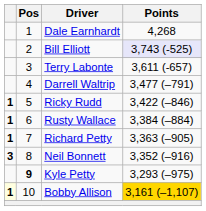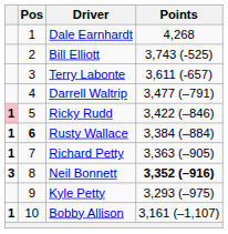 <table class="wikitable" style="font-size: 95%;">
 <tr>
 <th></th>
 <th>Pos</th>
 <th>Driver</th>
 <th>Points</th>
 </tr>
 <tr>
 <td align="left"></td>
 <td style="text-align:center;">1</td>
 <td><a href='#'>Dale Earnhardt</a></td>
 <td style="text-align:center;">4,268</td>
 </tr>
 <tr>
 <td align="left"></td>
 <td style="text-align:center;">2</td>
 <td><a href='#'>Bill Elliott</a></td>
-<td style="background: lavender; text-align:center;">3,743 (-525)</td>
+<td style="text-align:center;">3,743 (-525)</td>
 </tr>
 <tr>
 <td align="left"></td>
 <td style="text-align:center;">3</td>
 <td><a href='#'>Terry Labonte</a></td>
 <td style="text-align:center;">3,611 (-657)</td>
 </tr>
 <tr>
 <td align="left"></td>
 <td style="text-align:center;">4</td>
 <td><a href='#'>Darrell Waltrip</a></td>
 <td style="text-align:center;">3,477 (–791)</td>
 </tr>
 <tr>
-<td align="left">  <strong>1</strong></td>
+<td align="left" style="background: pink;">  <strong>1</strong></td>
 <td style="text-align:center;">5</td>
 <td><a href='#'>Ricky Rudd</a></td>
 <td style="text-align:center;">3,422 (–846)</td>
 </tr>
 <tr>
 <td align="left">  <strong>1</strong></td>
-<td style="text-align:center;">6</td>
+<td style="text-align:center;"><strong>6</strong></td>
 <td><a href='#'>Rusty Wallace</a></td>
 <td style="text-align:center;">3,384 (–884)</td>
 </tr>
 <tr>
 <td align="left">  <strong>1</strong></td>
 <td style="text-align:center;">7</td>
 <td><a href='#'>Richard Petty</a></td>
 <td style="text-align:center;">3,363 (–905)</td>
 </tr>
 <tr>
 <td align="left">  <strong>3</strong></td>
 <td style="text-align:center;">8</td>
 <td><a href='#'>Neil Bonnett</a></td>
-<td style="text-align:center;">3,352 (–916)</td>
+<td style="text-align:center;"><strong>3,352 (–916)</strong></td>
 </tr>
 <tr>
 <td align="left"></td>
-<td style="text-align:center;"><strong>9</strong></td>
+<td style="text-align:center;">9</td>
 <td><a href='#'>Kyle Petty</a></td>
 <td style="text-align:center;">3,293 (–975)</td>
 </tr>
 <tr>
-<td align="left" style="background: lightyellow;">  <strong>1</strong></td>
+<td align="left">  <strong>1</strong></td>
 <td style="text-align:center;">10</td>
 <td><a href='#'>Bobby Allison</a></td>
-<td style="background: gold; text-align:center;">3,161 (–1,107)</td>
+<td style="text-align:center;">3,161 (–1,107)</td>
 </tr>
 <tr class="sortbottom">
 <th colspan="9"></th>
 </tr>
 </table>
